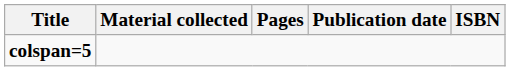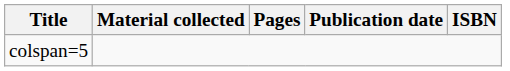 <table class="wikitable">
 <tr>
 <th>Title</th>
 <th>Material collected</th>
 <th>Pages</th>
 <th>Publication date</th>
 <th>ISBN</th>
 </tr>
 <tr>
-<td><strong>colspan=5 </strong></td>
+<td>colspan=5 </td>
 </tr>
 </table>
